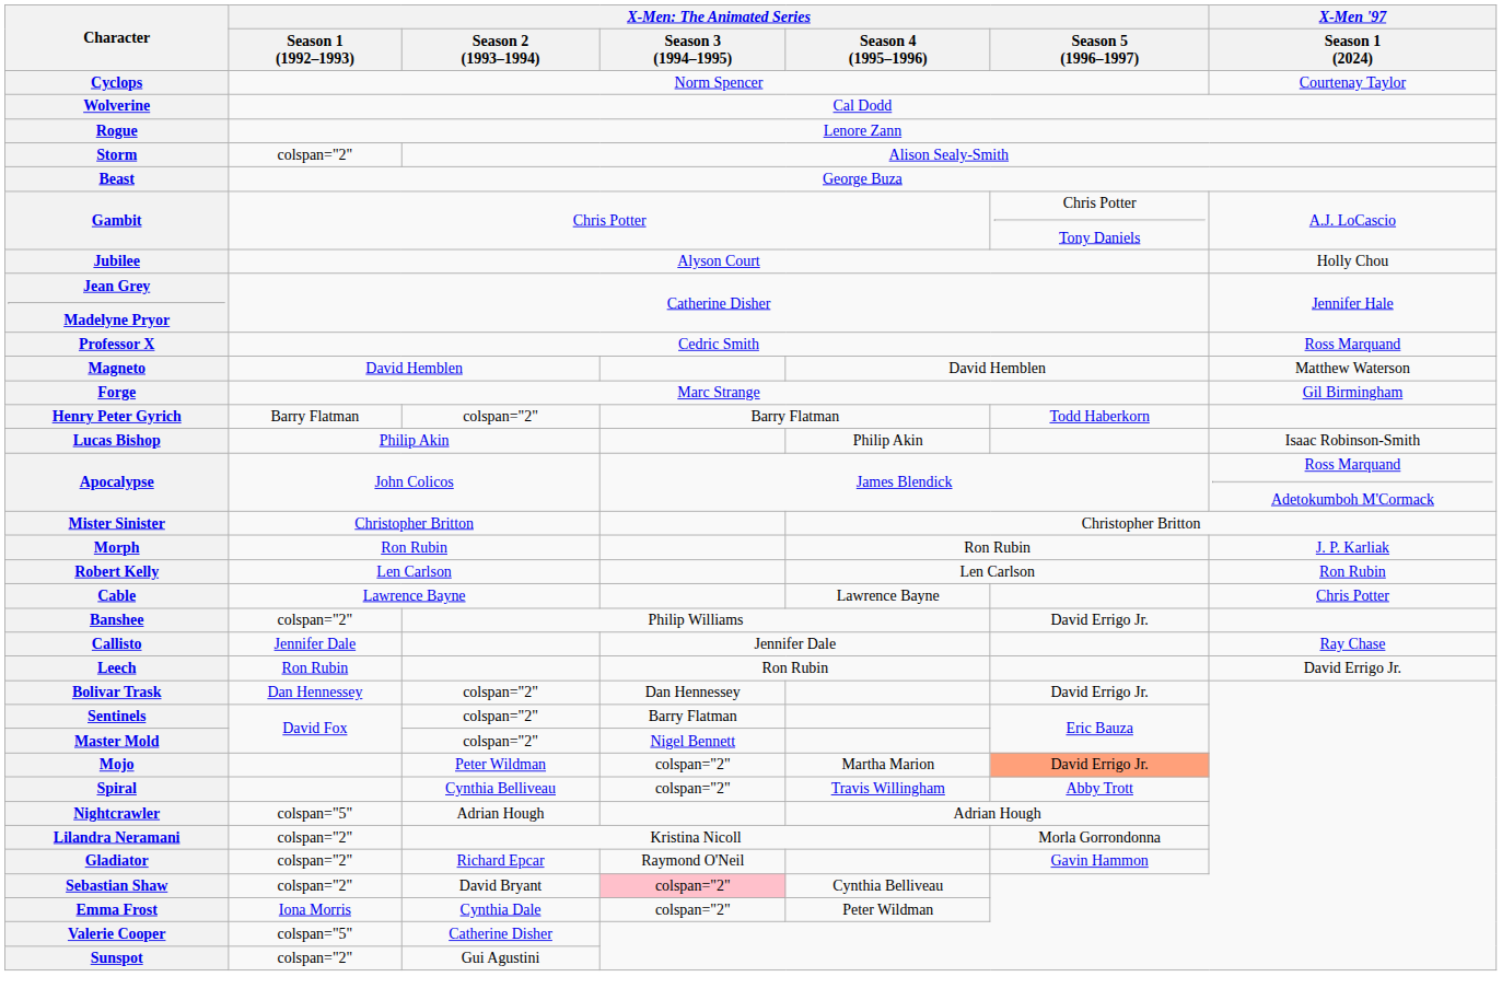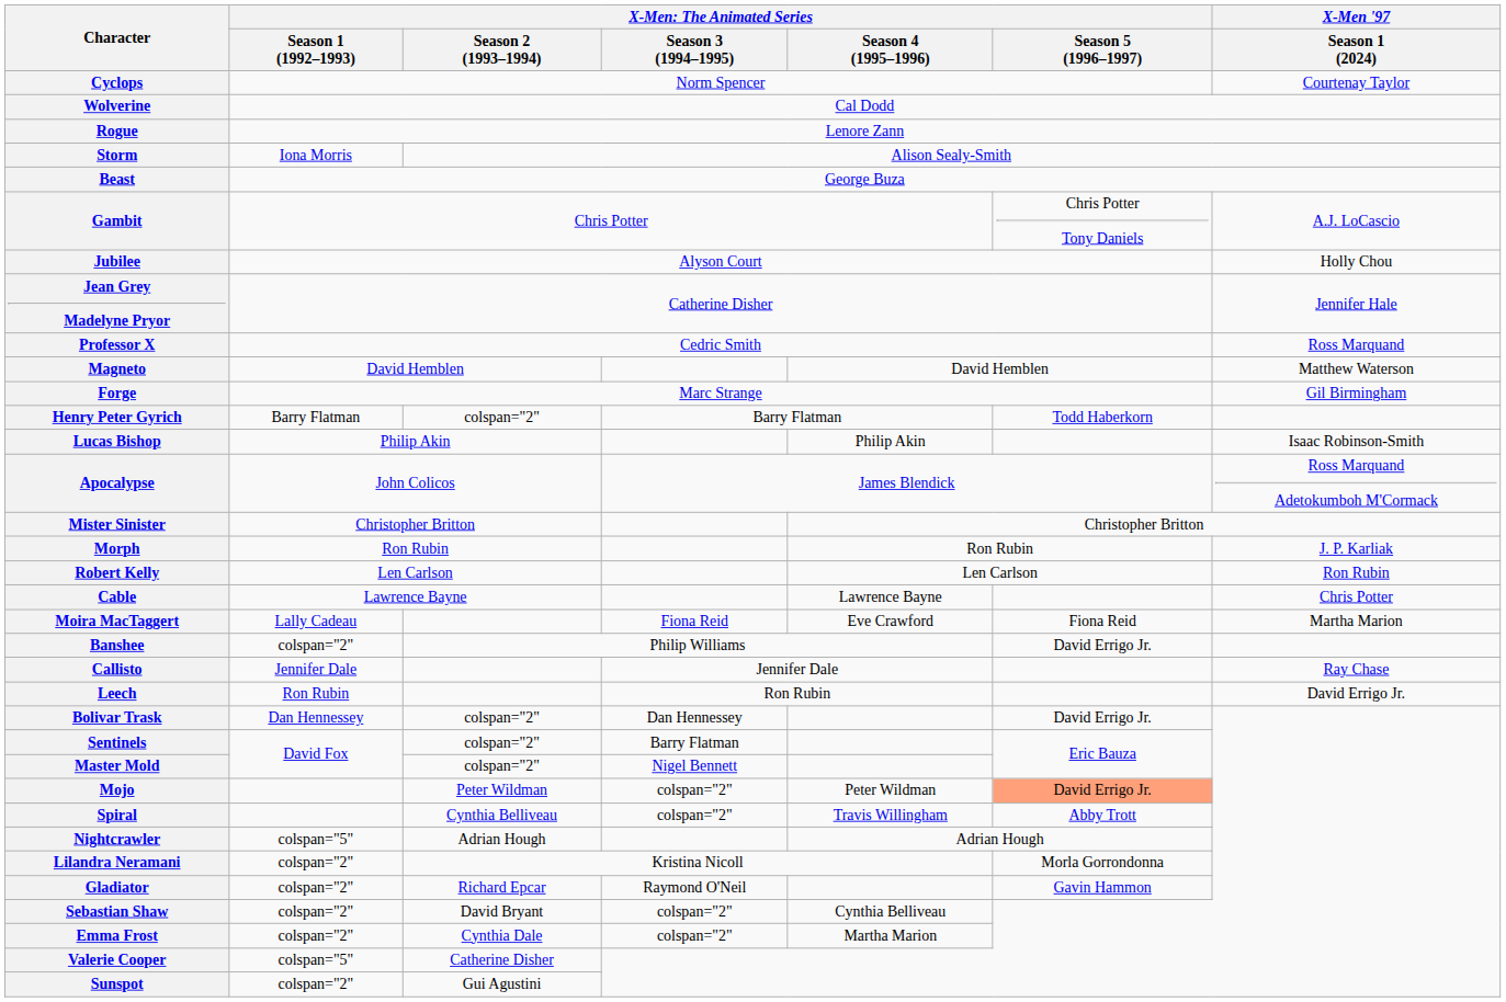 <table class="wikitable" style="text-align: center; width: 99%;">
 <tr>
 <th scope="col" rowspan="2" style="width: 15%;">Character</th>
 <th scope="colgroup" colspan="5"><em><a href='#'>X-Men: The Animated Series</a></em></th>
 <th scope="colgroup"><em><a href='#'>X-Men '97</a></em></th>
 </tr>
 <tr>
 <th>Season 1<br>(1992–1993)</th>
 <th>Season 2<br>(1993–1994)</th>
 <th>Season 3<br>(1994–1995)</th>
 <th>Season 4<br>(1995–1996)</th>
 <th>Season 5<br>(1996–1997)</th>
 <th>Season 1<br>(2024)</th>
 </tr>
 <tr>
 <th><a href='#'>Cyclops<br></a></th>
 <td colspan="5"><a href='#'>Norm Spencer</a></td>
 <td><a href='#'>Courtenay Taylor</a></td>
 </tr>
 <tr>
 <th><a href='#'>Wolverine<br></a></th>
 <td colspan="6"><a href='#'>Cal Dodd</a></td>
 </tr>
 <tr>
 <th><a href='#'>Rogue</a></th>
 <td colspan="6"><a href='#'>Lenore Zann</a></td>
 </tr>
 <tr>
 <th><a href='#'>Storm<br></a></th>
-<td>colspan="2" </td>
+<td><a href='#'>Iona Morris</a></td>
 <td colspan="5"><a href='#'>Alison Sealy-Smith</a></td>
 </tr>
 <tr>
 <th><a href='#'>Beast<br></a></th>
 <td colspan="6"><a href='#'>George Buza</a></td>
 </tr>
 <tr>
 <th><a href='#'>Gambit<br></a></th>
 <td colspan="4"><a href='#'>Chris Potter</a></td>
 <td>Chris Potter<hr><a href='#'>Tony Daniels</a></td>
 <td><a href='#'>A.J. LoCascio</a></td>
 </tr>
 <tr>
 <th><a href='#'>Jubilee<br></a></th>
 <td colspan="5"><a href='#'>Alyson Court</a></td>
 <td>Holly Chou</td>
 </tr>
 <tr>
 <th><a href='#'>Jean Grey</a><hr><a href='#'>Madelyne Pryor</a></th>
 <td colspan="5"><a href='#'>Catherine Disher</a></td>
 <td><a href='#'>Jennifer Hale</a></td>
 </tr>
 <tr>
 <th><a href='#'>Professor X<br></a></th>
 <td colspan="5"><a href='#'>Cedric Smith</a></td>
 <td><a href='#'>Ross Marquand</a></td>
 </tr>
 <tr>
 <th><a href='#'>Magneto<br></a></th>
 <td colspan="2"><a href='#'>David Hemblen</a></td>
 <td></td>
 <td colspan="2">David Hemblen</td>
 <td>Matthew Waterson</td>
 </tr>
 <tr>
 <th><a href='#'>Forge<br></a></th>
 <td colspan="5"><a href='#'>Marc Strange</a></td>
 <td><a href='#'>Gil Birmingham</a></td>
 </tr>
 <tr>
 <th><a href='#'>Henry Peter Gyrich</a></th>
 <td>Barry Flatman</td>
 <td>colspan="2" </td>
 <td colspan="2">Barry Flatman</td>
 <td><a href='#'>Todd Haberkorn</a></td>
 </tr>
 <tr>
 <th><a href='#'>Lucas Bishop</a></th>
 <td colspan="2"><a href='#'>Philip Akin</a></td>
 <td></td>
 <td>Philip Akin</td>
 <td></td>
 <td>Isaac Robinson-Smith</td>
 </tr>
 <tr>
 <th><a href='#'>Apocalypse<br></a></th>
 <td colspan="2"><a href='#'>John Colicos</a></td>
 <td colspan="3"><a href='#'>James Blendick</a></td>
 <td><a href='#'>Ross Marquand</a><hr><a href='#'>Adetokumboh M'Cormack</a></td>
 </tr>
 <tr>
 <th><a href='#'>Mister Sinister<br></a></th>
 <td colspan="2"><a href='#'>Christopher Britton</a></td>
 <td></td>
 <td colspan="3">Christopher Britton</td>
 </tr>
 <tr>
 <th><a href='#'>Morph</a></th>
 <td colspan="2"><a href='#'>Ron Rubin</a></td>
 <td></td>
 <td colspan="2">Ron Rubin</td>
 <td><a href='#'>J. P. Karliak</a></td>
 </tr>
 <tr>
 <th><a href='#'>Robert Kelly</a></th>
 <td colspan="2"><a href='#'>Len Carlson</a></td>
 <td></td>
 <td colspan="2">Len Carlson</td>
 <td><a href='#'>Ron Rubin</a></td>
 </tr>
 <tr>
 <th><a href='#'>Cable<br></a></th>
 <td colspan="2"><a href='#'>Lawrence Bayne</a></td>
 <td></td>
 <td>Lawrence Bayne</td>
 <td></td>
 <td><a href='#'>Chris Potter</a></td>
 </tr>
 <tr>
+<th><a href='#'>Moira MacTaggert</a></th>
+<td><a href='#'>Lally Cadeau</a></td>
+<td></td>
+<td><a href='#'>Fiona Reid</a></td>
+<td>Eve Crawford</td>
+<td>Fiona Reid</td>
+<td>Martha Marion</td>
+</tr>
+<tr>
 <th><a href='#'>Banshee<br></a></th>
 <td>colspan="2" </td>
 <td colspan="3">Philip Williams</td>
 <td>David Errigo Jr.</td>
 </tr>
 <tr>
 <th><a href='#'>Callisto</a></th>
 <td><a href='#'>Jennifer Dale</a></td>
 <td></td>
 <td colspan="2">Jennifer Dale</td>
 <td></td>
 <td><a href='#'>Ray Chase</a></td>
 </tr>
 <tr>
 <th><a href='#'>Leech</a></th>
 <td><a href='#'>Ron Rubin</a></td>
 <td></td>
 <td colspan="2">Ron Rubin</td>
 <td></td>
 <td>David Errigo Jr.</td>
 </tr>
 <tr>
 <th><a href='#'>Bolivar Trask</a></th>
 <td><a href='#'>Dan Hennessey</a></td>
 <td>colspan="2" </td>
 <td>Dan Hennessey</td>
 <td></td>
 <td>David Errigo Jr.</td>
 </tr>
 <tr>
 <th><a href='#'>Sentinels</a></th>
 <td rowspan="2"><a href='#'>David Fox</a></td>
 <td>colspan="2" </td>
 <td>Barry Flatman</td>
 <td></td>
 <td rowspan="2"><a href='#'>Eric Bauza</a></td>
 </tr>
 <tr>
 <th><a href='#'>Master Mold</a></th>
 <td>colspan="2" </td>
 <td><a href='#'>Nigel Bennett</a></td>
 <td></td>
 </tr>
 <tr>
 <th><a href='#'>Mojo</a></th>
 <td></td>
 <td><a href='#'>Peter Wildman</a></td>
 <td>colspan="2" </td>
-<td>Martha Marion</td>
+<td>Peter Wildman</td>
 <td style="background: lightsalmon;">David Errigo Jr.</td>
 </tr>
 <tr>
 <th><a href='#'>Spiral</a></th>
 <td></td>
 <td><a href='#'>Cynthia Belliveau</a></td>
 <td>colspan="2" </td>
 <td><a href='#'>Travis Willingham</a></td>
 <td><a href='#'>Abby Trott</a></td>
 </tr>
 <tr>
 <th><a href='#'>Nightcrawler<br></a></th>
 <td>colspan="5" </td>
 <td>Adrian Hough</td>
 <td></td>
 <td colspan="2">Adrian Hough</td>
 </tr>
 <tr>
 <th><a href='#'>Lilandra Neramani</a></th>
 <td>colspan="2" </td>
 <td colspan="3">Kristina Nicoll</td>
 <td>Morla Gorrondonna</td>
 </tr>
 <tr>
 <th><a href='#'>Gladiator<br></a></th>
 <td>colspan="2" </td>
 <td><a href='#'>Richard Epcar</a></td>
 <td>Raymond O'Neil</td>
 <td></td>
 <td><a href='#'>Gavin Hammon</a></td>
 </tr>
 <tr>
 <th><a href='#'>Sebastian Shaw</a></th>
 <td>colspan="2" </td>
 <td>David Bryant</td>
-<td style="background: pink;">colspan="2" </td>
+<td>colspan="2" </td>
 <td>Cynthia Belliveau</td>
 </tr>
 <tr>
 <th><a href='#'>Emma Frost</a></th>
-<td><a href='#'>Iona Morris</a></td>
+<td>colspan="2" </td>
 <td><a href='#'>Cynthia Dale</a></td>
 <td>colspan="2" </td>
-<td>Peter Wildman</td>
+<td>Martha Marion</td>
 </tr>
 <tr>
 <th><a href='#'>Valerie Cooper</a></th>
 <td>colspan="5" </td>
 <td><a href='#'>Catherine Disher</a></td>
 </tr>
 <tr>
 <th><a href='#'>Sunspot<br></a></th>
 <td>colspan="2" </td>
 <td>Gui Agustini</td>
 </tr>
 </table>
